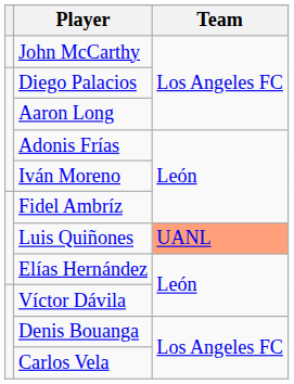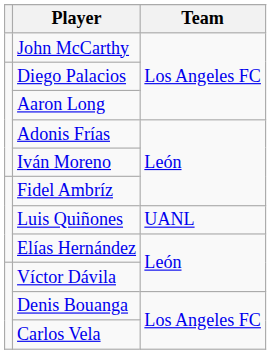 <table class="wikitable">
 <tr>
 </tr>
 <tr>
 <th></th>
 <th>Player</th>
 <th>Team</th>
 </tr>
 <tr>
 <td align=center></td>
 <td> <a href='#'>John McCarthy</a></td>
 <td rowspan=3> <a href='#'>Los Angeles FC</a></td>
 </tr>
 <tr>
 <td align=center rowspan=4></td>
 <td> <a href='#'>Diego Palacios</a></td>
 </tr>
 <tr>
 <td> <a href='#'>Aaron Long</a></td>
 </tr>
 <tr>
 <td> <a href='#'>Adonis Frías</a></td>
 <td rowspan=3> <a href='#'>León</a></td>
 </tr>
 <tr>
 <td> <a href='#'>Iván Moreno</a></td>
 </tr>
 <tr>
 <td align=center rowspan=3></td>
 <td> <a href='#'>Fidel Ambríz</a></td>
 </tr>
 <tr>
 <td> <a href='#'>Luis Quiñones</a></td>
-<td style="background: lightsalmon;"> <a href='#'>UANL</a></td>
+<td> <a href='#'>UANL</a></td>
 </tr>
 <tr>
 <td> <a href='#'>Elías Hernández</a></td>
 <td rowspan=2> <a href='#'>León</a></td>
 </tr>
 <tr>
 <td align=center rowspan=3></td>
 <td> <a href='#'>Víctor Dávila</a></td>
 </tr>
 <tr>
 <td> <a href='#'>Denis Bouanga</a></td>
 <td rowspan=2> <a href='#'>Los Angeles FC</a></td>
 </tr>
 <tr>
 <td> <a href='#'>Carlos Vela</a></td>
 </tr>
 </table>
